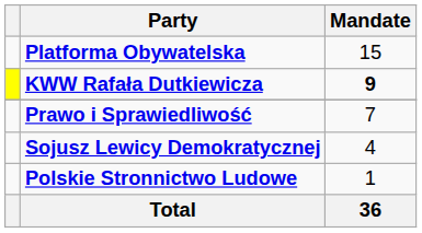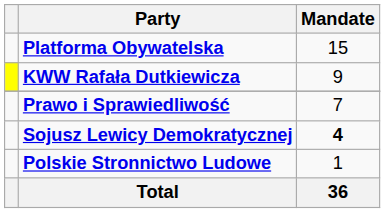 <table class="wikitable">
 <tr>
 <th width=5></th>
 <th>Party</th>
 <th>Mandate</th>
 </tr>
 <tr>
 <td style="background:"></td>
 <td><strong><a href='#'>Platforma Obywatelska</a></strong></td>
 <td align="center">15</td>
 </tr>
 <tr>
 <td style="background:yellow"></td>
 <td><strong><a href='#'>KWW Rafała Dutkiewicza</a></strong></td>
-<td align="center"><strong>9</strong></td>
+<td align="center">9</td>
 </tr>
 <tr bgcolor="#ececec">
 </tr>
 <tr>
 <td style="background:"></td>
 <td><strong><a href='#'>Prawo i Sprawiedliwość</a></strong></td>
 <td align="center">7</td>
 </tr>
 <tr>
 <td style="background:"></td>
 <td><strong><a href='#'>Sojusz Lewicy Demokratycznej</a></strong></td>
-<td align="center">4</td>
+<td align="center"><strong>4</strong></td>
 </tr>
 <tr>
 <td style="background:"></td>
 <td><strong><a href='#'>Polskie Stronnictwo Ludowe</a></strong></td>
 <td align="center">1</td>
 </tr>
 <tr bgcolor="#ececec">
 <th></th>
 <th>Total</th>
 <th align="center">36</th>
 </tr>
 </table>
